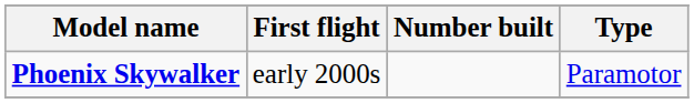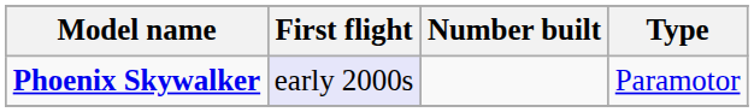 <table class="wikitable" align=center style="font-size:90%;">
 <tr>
 </tr>
 <tr style="background:#efefef;">
 <th>Model name</th>
 <th>First flight</th>
 <th>Number built</th>
 <th>Type</th>
 </tr>
 <tr>
 <td align=left><strong><a href='#'>Phoenix Skywalker</a></strong></td>
-<td align=center>early 2000s</td>
+<td align=center style="background: lavender;">early 2000s</td>
 <td align=center></td>
 <td align=left><a href='#'>Paramotor</a></td>
 </tr>
 <tr>
 </tr>
 </table>
